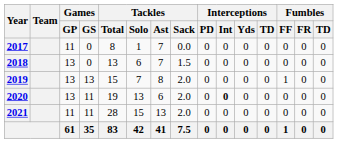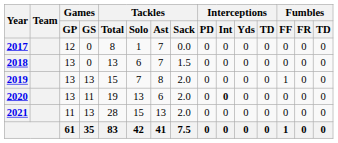 <table class="wikitable" style="text-align:center;">
 <tr>
 <th rowspan="2">Year</th>
 <th rowspan="2">Team</th>
 <th colspan="2">Games</th>
 <th colspan="4">Tackles</th>
 <th colspan="4">Interceptions</th>
 <th colspan="3">Fumbles</th>
 </tr>
 <tr>
 <th>GP</th>
 <th>GS</th>
 <th>Total</th>
 <th>Solo</th>
 <th>Ast</th>
 <th>Sack</th>
 <th>PD</th>
 <th>Int</th>
 <th>Yds</th>
 <th>TD</th>
 <th>FF</th>
 <th>FR</th>
 <th>TD</th>
 </tr>
 <tr>
 <th><a href='#'>2017</a></th>
 <th><a href='#'></a></th>
-<td>11</td>
+<td>12</td>
 <td>0</td>
 <td>8</td>
 <td>1</td>
 <td>7</td>
 <td>0.0</td>
 <td>0</td>
 <td>0</td>
 <td>0</td>
 <td>0</td>
 <td>0</td>
 <td>0</td>
 <td>0</td>
 </tr>
 <tr>
 <th><a href='#'>2018</a></th>
 <th><a href='#'></a></th>
 <td>13</td>
 <td>0</td>
 <td>13</td>
 <td>6</td>
 <td>7</td>
 <td>1.5</td>
 <td>0</td>
 <td>0</td>
 <td>0</td>
 <td>0</td>
 <td>0</td>
 <td>0</td>
 <td>0</td>
 </tr>
 <tr>
 <th><a href='#'>2019</a></th>
 <th><a href='#'></a></th>
 <td>13</td>
 <td>13</td>
 <td>15</td>
 <td>7</td>
 <td>8</td>
 <td>2.0</td>
 <td>0</td>
 <td>0</td>
 <td>0</td>
 <td>0</td>
 <td>1</td>
 <td>0</td>
 <td>0</td>
 </tr>
 <tr>
 <th><a href='#'>2020</a></th>
 <th><a href='#'></a></th>
 <td>13</td>
 <td>11</td>
 <td>19</td>
 <td>13</td>
 <td>6</td>
 <td>2.0</td>
 <td>0</td>
 <td><strong>0</strong></td>
 <td>0</td>
 <td>0</td>
 <td>0</td>
 <td>0</td>
 <td>0</td>
 </tr>
 <tr>
 <th><a href='#'>2021</a></th>
 <th><a href='#'></a></th>
 <td>11</td>
-<td>11</td>
+<td>13</td>
 <td>28</td>
 <td>15</td>
 <td>13</td>
 <td>2.0</td>
 <td>0</td>
 <td>0</td>
 <td>0</td>
 <td>0</td>
 <td>0</td>
 <td>0</td>
 <td>0</td>
 </tr>
 <tr>
 <th align=center colspan="2"></th>
 <th>61</th>
 <th>35</th>
 <th>83</th>
 <th>42</th>
 <th>41</th>
 <th>7.5</th>
 <th>0</th>
 <th>0</th>
 <th>0</th>
 <th>0</th>
 <th>1</th>
 <th>0</th>
 <th>0</th>
 </tr>
 </table>
